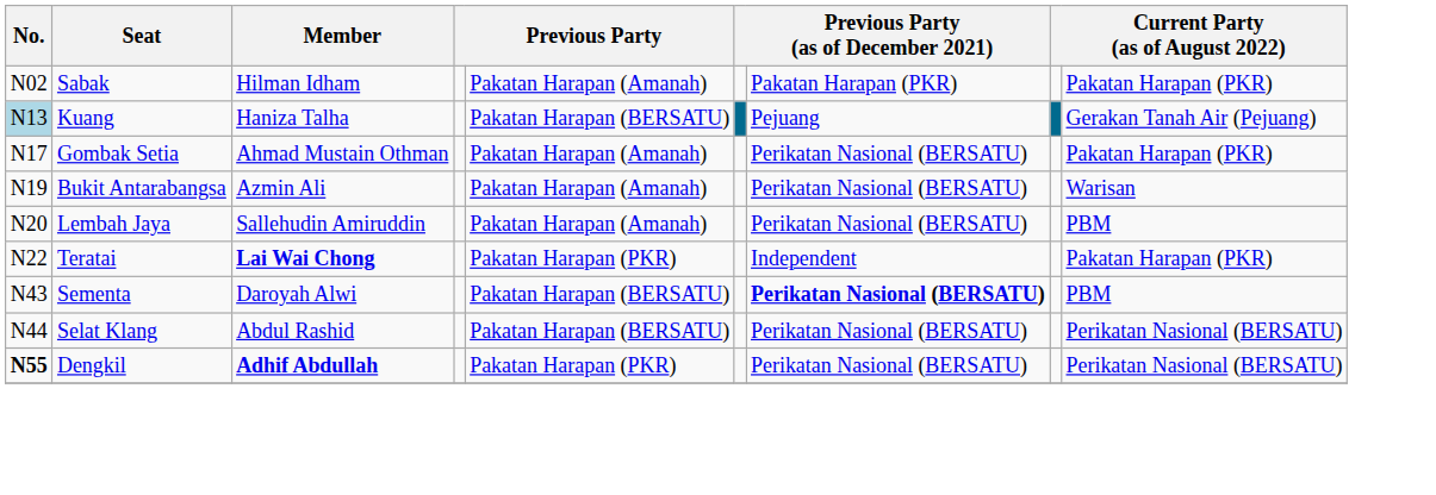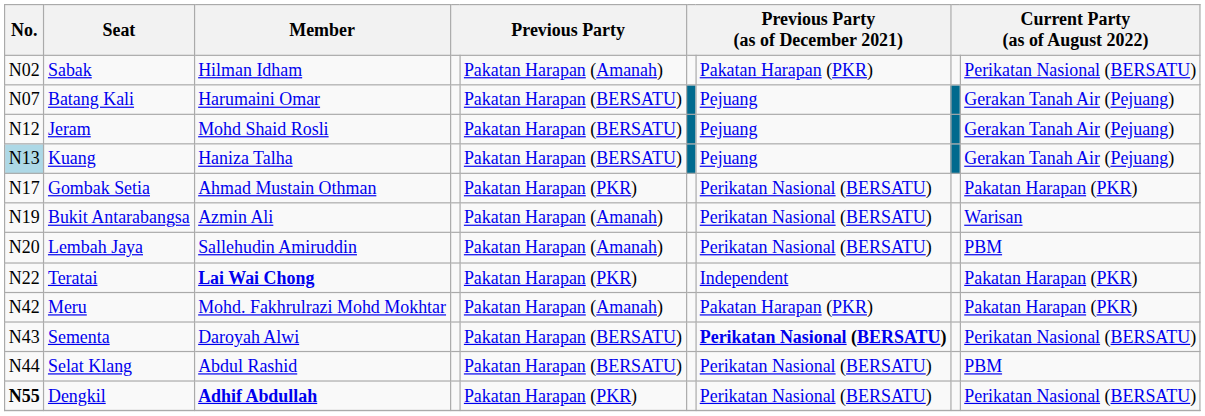 <table class="wikitable sortable mw-collapsible mw-collapsed" style="font-size:95%;">
 <tr>
 <th scope="col">No.</th>
 <th scope="col">Seat</th>
 <th scope="col">Member</th>
 <th colspan="2" scope="col">Previous Party</th>
 <th colspan="2" scope="col">Previous Party<br>(as of December 2021)</th>
 <th colspan="2" scope="col">Current Party<br>(as of August 2022)</th>
 </tr>
 <tr>
 <td>N02</td>
 <td><a href='#'>Sabak</a></td>
 <td><a href='#'>Hilman Idham</a></td>
 <td width="1"></td>
 <td><a href='#'>Pakatan Harapan</a> (<a href='#'>Amanah</a>)</td>
 <td width="1"></td>
 <td><a href='#'>Pakatan Harapan</a> (<a href='#'>PKR</a>)</td>
 <td width="1"></td>
-<td><a href='#'>Pakatan Harapan</a> (<a href='#'>PKR</a>)</td>
+<td><a href='#'>Perikatan Nasional</a> (<a href='#'>BERSATU</a>)</td>
+</tr>
+<tr>
+<td>N07</td>
+<td><a href='#'>Batang Kali</a></td>
+<td><a href='#'>Harumaini Omar</a></td>
+<td width="1"></td>
+<td><a href='#'>Pakatan Harapan</a> (<a href='#'>BERSATU</a>)</td>
+<td width="1" bgcolor="#006a8e"></td>
+<td><a href='#'>Pejuang</a></td>
+<td width="1" bgcolor="#006a8e"></td>
+<td><a href='#'>Gerakan Tanah Air</a> (<a href='#'>Pejuang</a>)</td>
+</tr>
+<tr>
+<td>N12</td>
+<td><a href='#'>Jeram</a></td>
+<td><a href='#'>Mohd Shaid Rosli</a></td>
+<td width="1"></td>
+<td><a href='#'>Pakatan Harapan</a> (<a href='#'>BERSATU</a>)</td>
+<td width="1" bgcolor="#006a8e"></td>
+<td><a href='#'>Pejuang</a></td>
+<td width="1" bgcolor="#006a8e"></td>
+<td><a href='#'>Gerakan Tanah Air</a> (<a href='#'>Pejuang</a>)</td>
 </tr>
 <tr>
 <td style="background: lightblue;">N13</td>
 <td><a href='#'>Kuang</a></td>
 <td><a href='#'>Haniza Talha</a></td>
 <td width="1"></td>
 <td><a href='#'>Pakatan Harapan</a> (<a href='#'>BERSATU</a>)</td>
 <td width="1" bgcolor="#006a8e"></td>
 <td><a href='#'>Pejuang</a></td>
 <td width="1" bgcolor="#006a8e"></td>
 <td><a href='#'>Gerakan Tanah Air</a> (<a href='#'>Pejuang</a>)</td>
 </tr>
 <tr>
 <td>N17</td>
 <td><a href='#'>Gombak Setia</a></td>
 <td><a href='#'>Ahmad Mustain Othman</a></td>
 <td width="1"></td>
-<td><a href='#'>Pakatan Harapan</a> (<a href='#'>Amanah</a>)</td>
+<td><a href='#'>Pakatan Harapan</a> (<a href='#'>PKR</a>)</td>
 <td width="1"></td>
 <td><a href='#'>Perikatan Nasional</a> (<a href='#'>BERSATU</a>)</td>
 <td width="1"></td>
 <td><a href='#'>Pakatan Harapan</a> (<a href='#'>PKR</a>)</td>
 </tr>
 <tr>
 <td>N19</td>
 <td><a href='#'>Bukit Antarabangsa</a></td>
 <td><a href='#'>Azmin Ali</a></td>
 <td width="1"></td>
 <td><a href='#'>Pakatan Harapan</a> (<a href='#'>Amanah</a>)</td>
 <td width="1"></td>
 <td><a href='#'>Perikatan Nasional</a> (<a href='#'>BERSATU</a>)</td>
 <td width="1"></td>
 <td><a href='#'>Warisan</a></td>
 </tr>
 <tr>
 <td>N20</td>
 <td><a href='#'>Lembah Jaya</a></td>
 <td><a href='#'>Sallehudin Amiruddin</a></td>
 <td width="1"></td>
 <td><a href='#'>Pakatan Harapan</a> (<a href='#'>Amanah</a>)</td>
 <td width="1"></td>
 <td><a href='#'>Perikatan Nasional</a> (<a href='#'>BERSATU</a>)</td>
 <td></td>
 <td><a href='#'>PBM</a></td>
 </tr>
 <tr>
 <td>N22</td>
 <td><a href='#'>Teratai</a></td>
 <td><strong><a href='#'>Lai Wai Chong</a></strong></td>
 <td width="1"></td>
 <td><a href='#'>Pakatan Harapan</a> (<a href='#'>PKR</a>)</td>
 <td width="1"></td>
 <td><a href='#'>Independent</a></td>
 <td width="1"></td>
 <td><a href='#'>Pakatan Harapan</a> (<a href='#'>PKR</a>)</td>
 </tr>
 <tr>
+<td>N42</td>
+<td><a href='#'>Meru</a></td>
+<td><a href='#'>Mohd. Fakhrulrazi Mohd Mokhtar</a></td>
+<td width="1"></td>
+<td><a href='#'>Pakatan Harapan</a> (<a href='#'>Amanah</a>)</td>
+<td width="1"></td>
+<td><a href='#'>Pakatan Harapan</a> (<a href='#'>PKR</a>)</td>
+<td width="1"></td>
+<td><a href='#'>Pakatan Harapan</a> (<a href='#'>PKR</a>)</td>
+</tr>
+<tr>
 <td>N43</td>
 <td><a href='#'>Sementa</a></td>
 <td><a href='#'>Daroyah Alwi</a></td>
 <td width="1"></td>
 <td><a href='#'>Pakatan Harapan</a> (<a href='#'>BERSATU</a>)</td>
 <td width="1"></td>
 <td><strong><a href='#'>Perikatan Nasional</a> (<a href='#'>BERSATU</a>)</strong></td>
 <td></td>
-<td><a href='#'>PBM</a></td>
+<td><a href='#'>Perikatan Nasional</a> (<a href='#'>BERSATU</a>)</td>
 </tr>
 <tr>
 <td>N44</td>
 <td><a href='#'>Selat Klang</a></td>
 <td><a href='#'>Abdul Rashid</a></td>
 <td width="1"></td>
 <td><a href='#'>Pakatan Harapan</a> (<a href='#'>BERSATU</a>)</td>
 <td width="1"></td>
 <td><a href='#'>Perikatan Nasional</a> (<a href='#'>BERSATU</a>)</td>
 <td width="1"></td>
-<td><a href='#'>Perikatan Nasional</a> (<a href='#'>BERSATU</a>)</td>
+<td><a href='#'>PBM</a></td>
 </tr>
 <tr>
 <td><strong>N55</strong></td>
 <td><a href='#'>Dengkil</a></td>
 <td><strong><a href='#'>Adhif Abdullah</a></strong></td>
 <td width="1"></td>
 <td><a href='#'>Pakatan Harapan</a> (<a href='#'>PKR</a>)</td>
 <td width="1"></td>
 <td><a href='#'>Perikatan Nasional</a> (<a href='#'>BERSATU</a>)</td>
 <td width="1"></td>
 <td><a href='#'>Perikatan Nasional</a> (<a href='#'>BERSATU</a>)</td>
 </tr>
 <tr>
 </tr>
 </table>
